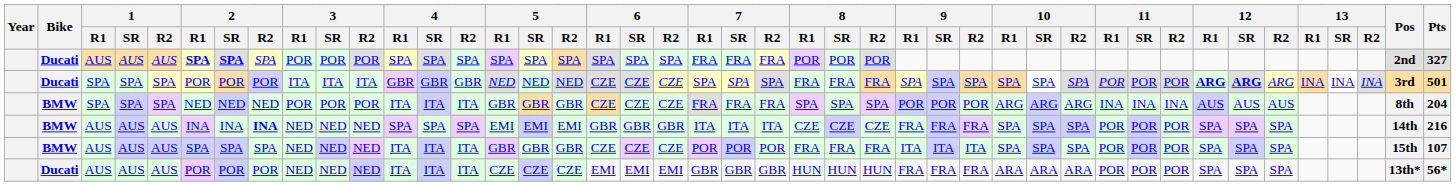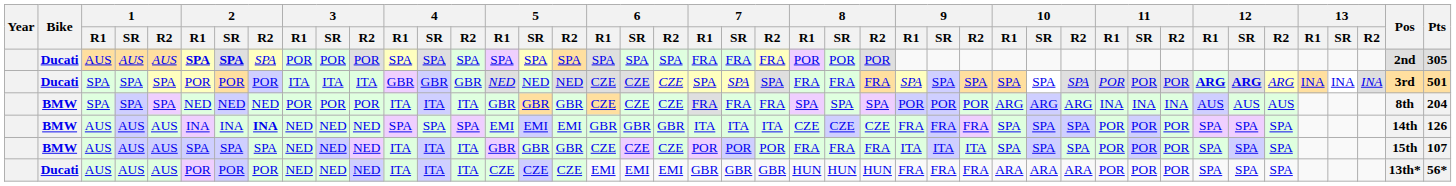 <table class="wikitable" style="text-align:center; font-size:90%;">
 <tr>
 <th rowspan="2">Year</th>
 <th rowspan="2">Bike</th>
 <th colspan="3">1</th>
 <th colspan="3">2</th>
 <th colspan="3">3</th>
 <th colspan="3">4</th>
 <th colspan="3">5</th>
 <th colspan="3">6</th>
 <th colspan="3">7</th>
 <th colspan="3">8</th>
 <th colspan="3">9</th>
 <th colspan="3">10</th>
 <th colspan="3">11</th>
 <th colspan="3">12</th>
 <th colspan="3">13</th>
 <th rowspan="2">Pos</th>
 <th rowspan="2">Pts</th>
 </tr>
 <tr>
 <th>R1</th>
 <th>SR</th>
 <th>R2</th>
 <th>R1</th>
 <th>SR</th>
 <th>R2</th>
 <th>R1</th>
 <th>SR</th>
 <th>R2</th>
 <th>R1</th>
 <th>SR</th>
 <th>R2</th>
 <th>R1</th>
 <th>SR</th>
 <th>R2</th>
 <th>R1</th>
 <th>SR</th>
 <th>R2</th>
 <th>R1</th>
 <th>SR</th>
 <th>R2</th>
 <th>R1</th>
 <th>SR</th>
 <th>R2</th>
 <th>R1</th>
 <th>SR</th>
 <th>R2</th>
 <th>R1</th>
 <th>SR</th>
 <th>R2</th>
 <th>R1</th>
 <th>SR</th>
 <th>R2</th>
 <th>R1</th>
 <th>SR</th>
 <th>R2</th>
 <th>R1</th>
 <th>SR</th>
 <th>R2</th>
 </tr>
 <tr>
 <th></th>
 <th><a href='#'>Ducati</a></th>
 <td style="background:#ffdf9f;"><a href='#'>AUS</a><br></td>
 <td style="background:#ffdf9f;"><em><a href='#'>AUS</a></em><br></td>
 <td style="background:#ffdf9f;"><em><a href='#'>AUS</a></em><br></td>
 <td style="background:#ffffbf;"><strong><a href='#'>SPA</a></strong><br></td>
 <td style="background:#dfdfdf;"><strong><a href='#'>SPA</a></strong><br></td>
 <td style="background:#ffffbf;"><em><a href='#'>SPA</a></em><br></td>
 <td style="background:#dfffdf;"><a href='#'>POR</a><br></td>
 <td style="background:#dfffdf;"><a href='#'>POR</a><br></td>
 <td style="background:#dfdfdf;"><a href='#'>POR</a><br></td>
 <td style="background:#ffffbf;"><a href='#'>SPA</a><br></td>
 <td style="background:#dfdfdf;"><a href='#'>SPA</a><br></td>
 <td style="background:#dfffdf;"><a href='#'>SPA</a><br></td>
 <td style="background:#efcfff;"><a href='#'>SPA</a><br></td>
 <td style="background:#ffffbf;"><a href='#'>SPA</a><br></td>
 <td style="background:#ffdf9f;"><a href='#'>SPA</a><br></td>
 <td style="background:#dfdfdf;"><a href='#'>SPA</a><br></td>
 <td style="background:#dfffdf;"><a href='#'>SPA</a><br></td>
 <td style="background:#dfffdf;"><a href='#'>SPA</a><br></td>
 <td style="background:#dfffdf;"><a href='#'>FRA</a><br></td>
 <td style="background:#dfffdf;"><a href='#'>FRA</a><br></td>
 <td style="background:#ffffbf;"><a href='#'>FRA</a><br></td>
 <td style="background:#efcfff;"><a href='#'>POR</a><br></td>
 <td style="background:#dfffdf;"><a href='#'>POR</a><br></td>
 <td style="background:#dfdfdf;"><a href='#'>POR</a><br></td>
 <td></td>
 <td></td>
 <td></td>
 <td></td>
 <td></td>
 <td></td>
 <td></td>
 <td></td>
 <td></td>
 <td></td>
 <td></td>
 <td></td>
 <td></td>
 <td></td>
 <td></td>
 <th style="background:#DFDFDF;">2nd</th>
-<th style="background:#DFDFDF;">327</th>
+<th style="background:#DFDFDF;">305</th>
 </tr>
 <tr>
 <th></th>
 <th><a href='#'>Ducati</a></th>
 <td style="background:#dfffdf;"><a href='#'>SPA</a><br></td>
 <td style="background:#dfffdf;"><a href='#'>SPA</a><br></td>
 <td style="background:#ffffbf;"><a href='#'>SPA</a><br></td>
 <td style="background:#ffffbf;"><a href='#'>POR</a><br></td>
 <td style="background:#ffdf9f;"><a href='#'>POR</a><br></td>
 <td style="background:#cfcfff;"><a href='#'>POR</a><br></td>
 <td style="background:#dfffdf;"><a href='#'>ITA</a><br></td>
 <td style="background:#dfffdf;"><a href='#'>ITA</a><br></td>
 <td style="background:#dfffdf;"><a href='#'>ITA</a><br></td>
 <td style="background:#efcfff;"><a href='#'>GBR</a><br></td>
 <td style="background:#cfcfff;"><a href='#'>GBR</a><br></td>
 <td style="background:#dfffdf;"><a href='#'>GBR</a><br></td>
 <td style="background:#dfdfdf;"><em><a href='#'>NED</a></em><br></td>
 <td style="background:#dfffdf;"><a href='#'>NED</a><br></td>
 <td style="background:#dfdfdf;"><a href='#'>NED</a><br></td>
 <td style="background:#dfdfdf;"><a href='#'>CZE</a><br></td>
 <td style="background:#dfdfdf;"><a href='#'>CZE</a><br></td>
 <td style="background:#ffffbf;"><em><a href='#'>CZE</a></em><br></td>
 <td style="background:#ffffbf;"><a href='#'>SPA</a><br></td>
 <td style="background:#ffffbf;"><em><a href='#'>SPA</a></em><br></td>
 <td style="background:#dfdfdf;"><a href='#'>SPA</a><br></td>
 <td style="background:#dfffdf;"><a href='#'>FRA</a><br></td>
 <td style="background:#dfffdf;"><a href='#'>FRA</a><br></td>
 <td style="background:#ffdf9f;"><a href='#'>FRA</a><br></td>
 <td style="background:#ffffbf;"><em><a href='#'>SPA</a></em><br></td>
 <td style="background:#cfcfff;"><a href='#'>SPA</a><br></td>
 <td style="background:#ffdf9f;"><a href='#'>SPA</a><br></td>
 <td style="background:#ffdf9f;"><a href='#'>SPA</a><br></td>
 <td style="background:#ffffff;"><a href='#'>SPA</a><br></td>
 <td style="background:#dfdfdf;"><em><a href='#'>SPA</a></em><br></td>
 <td style="background:#dfdfdf;"><em><a href='#'>POR</a></em><br></td>
 <td style="background:#dfdfdf;"><a href='#'>POR</a><br></td>
 <td style="background:#dfdfdf;"><a href='#'>POR</a><br></td>
 <td style="background:#dfffdf;"><strong><a href='#'>ARG</a></strong><br></td>
 <td style="background:#dfdfdf;"><strong><a href='#'>ARG</a></strong><br></td>
 <td style="background:#ffffbf;"><em><a href='#'>ARG</a></em><br></td>
 <td style="background:#ffdf9f;"><a href='#'>INA</a><br></td>
 <td style="background:#ffffff;"><a href='#'>INA</a><br></td>
 <td style="background:#dfdfdf;"><em><a href='#'>INA</a></em><br></td>
 <th style="background:#ffdf9f;">3rd</th>
 <th style="background:#ffdf9f;">501</th>
 </tr>
 <tr>
 <th></th>
 <th><a href='#'>BMW</a></th>
 <td style="background:#dfffdf;"><a href='#'>SPA</a><br></td>
 <td style="background:#cfcfff;"><a href='#'>SPA</a><br></td>
 <td style="background:#efcfff;"><a href='#'>SPA</a><br></td>
 <td style="background:#dfffdf;"><a href='#'>NED</a><br></td>
 <td style="background:#cfcfff;"><a href='#'>NED</a><br></td>
 <td style="background:#dfffdf;"><a href='#'>NED</a><br></td>
 <td style="background:#dfffdf;"><a href='#'>POR</a><br></td>
 <td style="background:#dfffdf;"><a href='#'>POR</a><br></td>
 <td style="background:#dfffdf;"><a href='#'>POR</a><br></td>
 <td style="background:#dfffdf;"><a href='#'>ITA</a><br></td>
 <td style="background:#cfcfff;"><a href='#'>ITA</a><br></td>
 <td style="background:#dfffdf;"><a href='#'>ITA</a><br></td>
 <td style="background:#dfffdf;"><a href='#'>GBR</a><br></td>
 <td style="background:#ffdf9f;"><a href='#'>GBR</a><br></td>
 <td style="background:#dfffdf;"><a href='#'>GBR</a><br></td>
 <td style="background:#ffdf9f;"><a href='#'>CZE</a><br></td>
 <td style="background:#dfffdf;"><a href='#'>CZE</a><br></td>
 <td style="background:#dfffdf;"><a href='#'>CZE</a><br></td>
 <td style="background:#dfdfdf;"><a href='#'>FRA</a><br></td>
 <td style="background:#dfffdf;"><a href='#'>FRA</a><br></td>
 <td style="background:#dfffdf;"><a href='#'>FRA</a><br></td>
 <td style="background:#efcfff;"><a href='#'>SPA</a><br></td>
 <td style="background:#dfffdf;"><a href='#'>SPA</a><br></td>
 <td style="background:#efcfff;"><a href='#'>SPA</a><br></td>
 <td style="background:#cfcfff;"><a href='#'>POR</a><br></td>
 <td style="background:#cfcfff;"><a href='#'>POR</a><br></td>
 <td style="background:#dfffdf;"><a href='#'>POR</a><br></td>
 <td style="background:#dfffdf;"><a href='#'>ARG</a><br></td>
 <td style="background:#cfcfff;"><a href='#'>ARG</a><br></td>
 <td style="background:#dfffdf;"><a href='#'>ARG</a><br></td>
 <td style="background:#dfffdf;"><a href='#'>INA</a><br></td>
 <td style="background:#dfffdf;"><a href='#'>INA</a><br></td>
 <td style="background:#dfffdf;"><a href='#'>INA</a><br></td>
 <td style="background:#cfcfff;"><a href='#'>AUS</a><br></td>
 <td style="background:#dfffdf;"><a href='#'>AUS</a><br></td>
 <td style="background:#DFFFDF;"><a href='#'>AUS</a><br></td>
 <td></td>
 <td></td>
 <td></td>
 <th>8th</th>
 <th>204</th>
 </tr>
 <tr>
 <th></th>
 <th><a href='#'>BMW</a></th>
 <td style="background:#dfffdf;"><a href='#'>AUS</a><br></td>
 <td style="background:#cfcfff;"><a href='#'>AUS</a><br></td>
 <td style="background:#dfffdf;"><a href='#'>AUS</a><br></td>
 <td style="background:#efcfff;"><a href='#'>INA</a><br></td>
 <td style="background:#dfffdf;"><a href='#'>INA</a><br></td>
 <td style="background:#dfffdf;"><strong><a href='#'>INA</a><br></strong></td>
 <td style="background:#dfffdf;"><a href='#'>NED</a><br></td>
 <td style="background:#dfffdf;"><a href='#'>NED</a><br></td>
 <td style="background:#dfffdf;"><a href='#'>NED</a><br></td>
 <td style="background:#efcfff;"><a href='#'>SPA</a><br></td>
 <td style="background:#dfffdf;"><a href='#'>SPA</a><br></td>
 <td style="background:#efcfff;"><a href='#'>SPA</a><br></td>
 <td style="background:#dfffdf;"><a href='#'>EMI</a><br></td>
 <td style="background:#cfcfff;"><a href='#'>EMI</a><br></td>
 <td style="background:#dfffdf;"><a href='#'>EMI</a><br></td>
 <td style="background:#dfffdf;"><a href='#'>GBR</a><br></td>
 <td style="background:#dfffdf;"><a href='#'>GBR</a><br></td>
 <td style="background:#dfffdf;"><a href='#'>GBR</a><br></td>
 <td style="background:#dfffdf;"><a href='#'>ITA</a><br></td>
 <td style="background:#dfffdf;"><a href='#'>ITA</a><br></td>
 <td style="background:#dfffdf;"><a href='#'>ITA</a><br></td>
 <td style="background:#dfffdf;"><a href='#'>CZE</a><br></td>
 <td style="background:#cfcfff;"><a href='#'>CZE</a><br></td>
 <td style="background:#dfffdf;"><a href='#'>CZE</a><br></td>
 <td style="background:#dfffdf;"><a href='#'>FRA</a><br></td>
 <td style="background:#cfcfff;"><a href='#'>FRA</a><br></td>
 <td style="background:#efcfff;"><a href='#'>FRA</a><br></td>
 <td style="background:#dfffdf;"><a href='#'>SPA</a><br></td>
 <td style="background:#cfcfff;"><a href='#'>SPA</a><br></td>
 <td style="background:#cfcfff;"><a href='#'>SPA</a><br></td>
 <td style="background:#dfffdf;"><a href='#'>POR</a><br></td>
 <td style="background:#cfcfff;"><a href='#'>POR</a><br></td>
 <td style="background:#dfffdf;"><a href='#'>POR</a><br></td>
 <td style="background:#efcfff;"><a href='#'>SPA</a><br></td>
 <td style="background:#efcfff;"><a href='#'>SPA</a><br></td>
 <td style="background:#dfffdf;"><a href='#'>SPA</a><br></td>
 <td></td>
 <td></td>
 <td></td>
 <th>14th</th>
-<th>216</th>
+<th>126</th>
 </tr>
 <tr>
 <th></th>
 <th><a href='#'>BMW</a></th>
 <td style="background:#DFFFDF;"><a href='#'>AUS</a><br></td>
 <td style="background:#CFCFFF;"><a href='#'>AUS</a><br></td>
 <td style="background:#CFCFFF;"><a href='#'>AUS</a><br></td>
 <td style="background:#CFCFFF;"><a href='#'>SPA</a><br></td>
 <td style="background:#CFCFFF;"><a href='#'>SPA</a><br></td>
 <td style="background:#DFFFDF;"><a href='#'>SPA</a><br></td>
 <td style="background:#DFFFDF;"><a href='#'>NED</a><br></td>
 <td style="background:#CFCFFF;"><a href='#'>NED</a><br></td>
 <td style="background:#EFCFFF;"><a href='#'>NED</a><br></td>
 <td style="background:#DFFFDF;"><a href='#'>ITA</a><br></td>
 <td style="background:#CFCFFF;"><a href='#'>ITA</a><br></td>
 <td style="background:#DFFFDF;"><a href='#'>ITA</a><br></td>
 <td style="background:#EFCFFF;"><a href='#'>GBR</a><br></td>
 <td style="background:#DFFFDF;"><a href='#'>GBR</a><br></td>
 <td style="background:#DFFFDF;"><a href='#'>GBR</a><br></td>
 <td style="background:#DFFFDF;"><a href='#'>CZE</a><br></td>
 <td style="background:#EFCFFF;"><a href='#'>CZE</a><br></td>
 <td style="background:#DFFFDF;"><a href='#'>CZE</a><br></td>
 <td style="background:#EFCFFF;"><a href='#'>POR</a><br></td>
 <td style="background:#CFCFFF;"><a href='#'>POR</a><br></td>
 <td style="background:#DFFFDF;"><a href='#'>POR</a><br></td>
 <td style="background:#DFFFDF;"><a href='#'>FRA</a><br></td>
 <td style="background:#DFFFDF;"><a href='#'>FRA</a><br></td>
 <td style="background:#DFFFDF;"><a href='#'>FRA</a><br></td>
 <td style="background:#DFFFDF;"><a href='#'>ITA</a><br></td>
 <td style="background:#CFCFFF;"><a href='#'>ITA</a><br></td>
 <td style="background:#DFFFDF;"><a href='#'>ITA</a><br></td>
 <td style="background:#DFFFDF;"><a href='#'>SPA</a><br></td>
 <td style="background:#CFCFFF;"><a href='#'>SPA</a><br></td>
 <td style="background:#DFFFDF;"><a href='#'>SPA</a><br></td>
 <td style="background:#DFFFDF;"><a href='#'>POR</a><br></td>
 <td style="background:#CFCFFF;"><a href='#'>POR</a><br></td>
 <td style="background:#DFFFDF;"><a href='#'>POR</a><br></td>
 <td style="background:#DFFFDF;"><a href='#'>SPA</a><br></td>
 <td style="background:#CFCFFF;"><a href='#'>SPA</a><br></td>
 <td style="background:#DFFFDF;"><a href='#'>SPA</a><br></td>
 <td></td>
 <td></td>
 <td></td>
 <th>15th</th>
 <th>107</th>
 </tr>
 <tr>
 <th></th>
 <th><a href='#'>Ducati</a></th>
 <td style="background:#DFFFDF;"><a href='#'>AUS</a><br></td>
 <td style="background:#DFFFDF;"><a href='#'>AUS</a><br></td>
 <td style="background:#DFFFDF;"><a href='#'>AUS</a><br></td>
 <td style="background:#EFCFFF;"><a href='#'>POR</a><br></td>
 <td style="background:#CFCFFF;"><a href='#'>POR</a><br></td>
 <td style="background:#DFFFDF;"><a href='#'>POR</a><br></td>
 <td style="background:#DFFFDF;"><a href='#'>NED</a><br></td>
 <td style="background:#DFFFDF;"><a href='#'>NED</a><br></td>
 <td style="background:#CFCFFF;"><a href='#'>NED</a><br></td>
 <td style="background:#DFFFDF;"><a href='#'>ITA</a><br></td>
 <td style="background:#CFCFFF;"><a href='#'>ITA</a><br></td>
 <td style="background:#DFFFDF;"><a href='#'>ITA</a><br></td>
 <td style="background:#DFFFDF;"><a href='#'>CZE</a><br></td>
 <td style="background:#CFCFFF;"><a href='#'>CZE</a><br></td>
 <td style="background:#DFFFDF;"><a href='#'>CZE</a><br></td>
 <td style="background:#;"><a href='#'>EMI</a><br></td>
 <td style="background:#;"><a href='#'>EMI</a><br></td>
 <td style="background:#;"><a href='#'>EMI</a><br></td>
 <td style="background:#;"><a href='#'>GBR</a><br></td>
 <td style="background:#;"><a href='#'>GBR</a><br></td>
 <td style="background:#;"><a href='#'>GBR</a><br></td>
 <td style="background:#;"><a href='#'>HUN</a><br></td>
 <td style="background:#;"><a href='#'>HUN</a><br></td>
 <td style="background:#;"><a href='#'>HUN</a><br></td>
 <td style="background:#;"><a href='#'>FRA</a><br></td>
 <td style="background:#;"><a href='#'>FRA</a><br></td>
 <td style="background:#;"><a href='#'>FRA</a><br></td>
 <td style="background:#;"><a href='#'>ARA</a><br></td>
 <td style="background:#;"><a href='#'>ARA</a><br></td>
 <td style="background:#;"><a href='#'>ARA</a><br></td>
 <td style="background:#;"><a href='#'>POR</a><br></td>
 <td style="background:#;"><a href='#'>POR</a><br></td>
 <td style="background:#;"><a href='#'>POR</a><br></td>
 <td style="background:#;"><a href='#'>SPA</a><br></td>
 <td style="background:#;"><a href='#'>SPA</a><br></td>
 <td style="background:#;"><a href='#'>SPA</a><br></td>
 <td></td>
 <td></td>
 <td></td>
 <th>13th*</th>
 <th>56*</th>
 </tr>
 </table>
